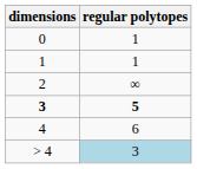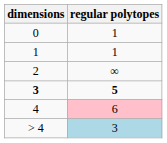 <table class="wikitable floatright" style="text-align:center; max-width: 22em">
 <tr>
 <th> dimensions</th>
 <th> regular polytopes</th>
 </tr>
 <tr>
 <td>0</td>
 <td>1</td>
 </tr>
 <tr>
 <td>1</td>
 <td>1</td>
 </tr>
 <tr>
 <td>2</td>
 <td>∞</td>
 </tr>
 <tr>
 <td><strong>3</strong></td>
 <td><strong>5</strong></td>
 </tr>
 <tr>
 <td>4</td>
-<td>6</td>
+<td style="background: pink;">6</td>
 </tr>
 <tr>
 <td>> 4</td>
 <td style="background: lightblue;">3</td>
 </tr>
 </table>
